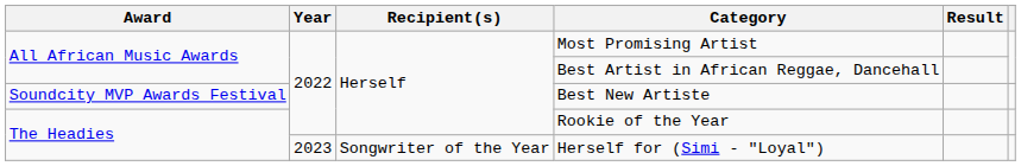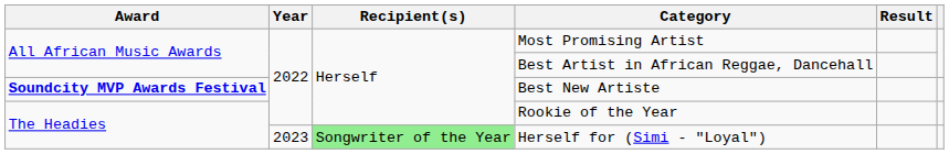 <table class="wikitable sortable plainrowheaders">
 <tr>
 <th scope="col">Award</th>
 <th scope="col">Year</th>
 <th scope="col">Recipient(s)</th>
 <th scope="col">Category</th>
 <th scope="col">Result</th>
 <th scope="col" class="unsortable"></th>
 </tr>
 <tr>
 <td rowspan="2"><a href='#'>All African Music Awards</a></td>
 <td rowspan="4">2022</td>
 <td rowspan="4">Herself</td>
 <td>Most Promising Artist</td>
 <td></td>
 <td rowspan="2"></td>
 </tr>
 <tr>
 <td>Best Artist in African Reggae, Dancehall</td>
 <td></td>
 </tr>
 <tr>
-<td><a href='#'>Soundcity MVP Awards Festival</a></td>
+<td><strong><a href='#'>Soundcity MVP Awards Festival</a></strong></td>
 <td>Best New Artiste</td>
 <td></td>
 <td></td>
 </tr>
 <tr>
 <td rowspan="2"><a href='#'>The Headies</a></td>
 <td>Rookie of the Year</td>
 <td></td>
 <td></td>
 </tr>
 <tr>
 <td>2023</td>
-<td>Songwriter of the Year</td>
+<td style="background: lightgreen;">Songwriter of the Year</td>
 <td>Herself for (<a href='#'>Simi</a> - "Loyal")</td>
 <td></td>
 <td></td>
 </tr>
 </table>
